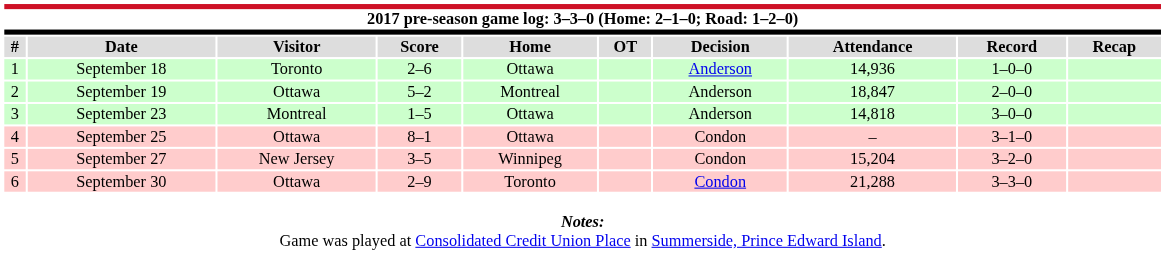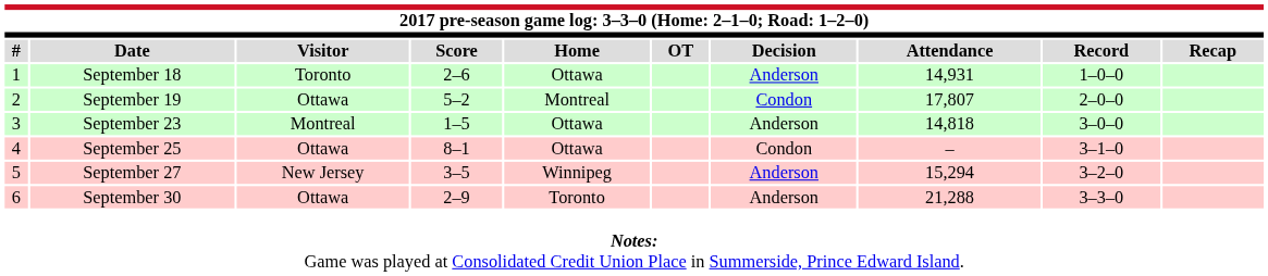 <table class="toccolours collapsible collapsed" style="width:90%; clear:both; margin:1.5em auto; text-align:center;">
 <tr>
 <th colspan=10 style="background:#FFFFFF; border-top:#CE1126 5px solid; border-bottom:#000000 5px solid;">2017 pre-season game log: 3–3–0 (Home: 2–1–0; Road: 1–2–0)</th>
 </tr>
 <tr style="background:#ddd;">
 <th>#</th>
 <th>Date</th>
 <th>Visitor</th>
 <th>Score</th>
 <th>Home</th>
 <th>OT</th>
 <th>Decision</th>
 <th>Attendance</th>
 <th>Record</th>
 <th>Recap</th>
 </tr>
 <tr style="background:#cfc;">
 <td>1</td>
 <td>September 18</td>
 <td>Toronto</td>
 <td>2–6</td>
 <td>Ottawa</td>
 <td></td>
 <td><a href='#'>Anderson</a></td>
-<td>14,936</td>
+<td>14,931</td>
 <td>1–0–0</td>
 <td></td>
 </tr>
 <tr style="background:#cfc;">
 <td>2</td>
 <td>September 19</td>
 <td>Ottawa</td>
 <td>5–2</td>
 <td>Montreal</td>
 <td></td>
-<td>Anderson</td>
-<td>18,847</td>
+<td><a href='#'>Condon</a></td>
+<td>17,807</td>
 <td>2–0–0</td>
 <td></td>
 </tr>
 <tr style="background:#cfc;">
 <td>3</td>
 <td>September 23</td>
 <td>Montreal</td>
 <td>1–5</td>
 <td>Ottawa</td>
 <td></td>
 <td>Anderson</td>
 <td>14,818</td>
 <td>3–0–0</td>
 <td></td>
 </tr>
 <tr style="background:#fcc;">
 <td>4</td>
 <td>September 25</td>
 <td>Ottawa</td>
 <td>8–1</td>
 <td>Ottawa</td>
 <td></td>
 <td>Condon</td>
 <td>–</td>
 <td>3–1–0</td>
 <td></td>
 </tr>
 <tr style="background:#fcc;">
 <td>5</td>
 <td>September 27</td>
 <td>New Jersey</td>
 <td>3–5</td>
 <td>Winnipeg</td>
 <td></td>
-<td>Condon</td>
-<td>15,204</td>
+<td><a href='#'>Anderson</a></td>
+<td>15,294</td>
 <td>3–2–0</td>
 <td></td>
 </tr>
 <tr style="background:#fcc;">
 <td>6</td>
 <td>September 30</td>
 <td>Ottawa</td>
 <td>2–9</td>
 <td>Toronto</td>
 <td></td>
-<td><a href='#'>Condon</a></td>
+<td>Anderson</td>
 <td>21,288</td>
 <td>3–3–0</td>
 <td></td>
 </tr>
 <tr>
 <td colspan="10" style="text-align:center;"><br><strong><em>Notes:</em></strong><br>  Game was played at <a href='#'>Consolidated Credit Union Place</a> in <a href='#'>Summerside, Prince Edward Island</a>.</td>
 </tr>
 </table>
